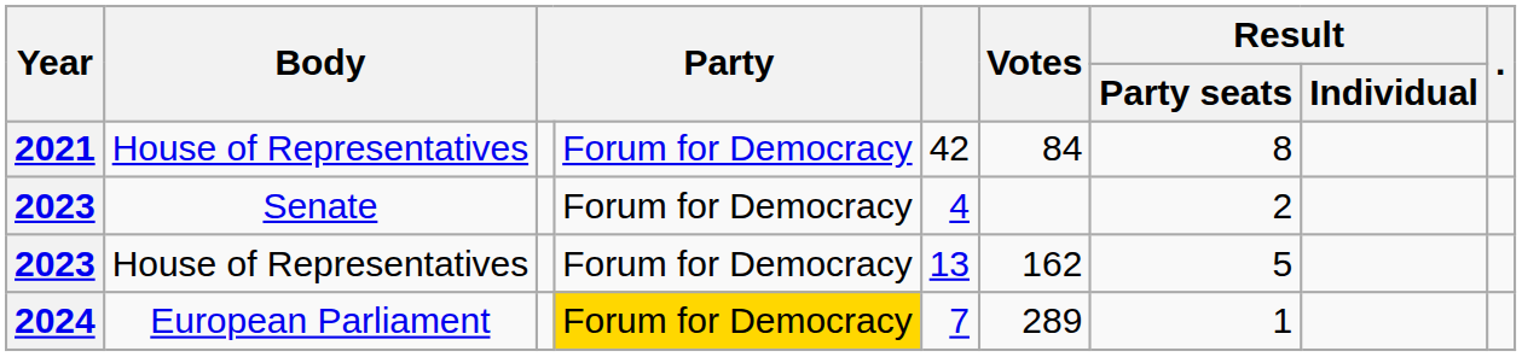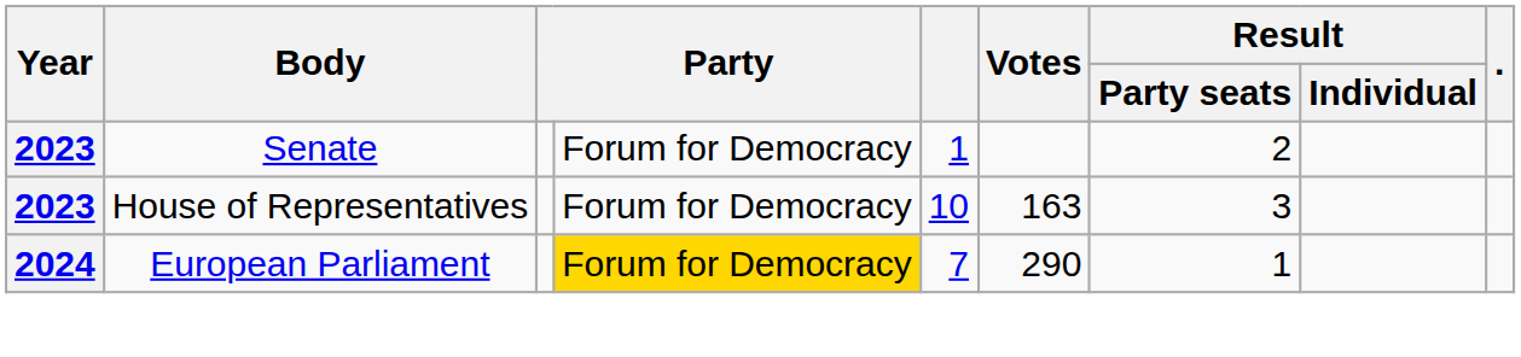 <table class="wikitable plainrowheaders sortable" border=2 cellpadding=4 cellspacing=0 style="border: 1px #aaa solid; font-size: 90%; text-align:center;">
 <tr>
 <th scope="col" rowspan=2>Year</th>
 <th scope="col" rowspan=2>Body</th>
 <th scope="col" colspan=2 rowspan=2>Party</th>
 <th scope="col" rowspan=2></th>
 <th scope="col" rowspan=2>Votes</th>
 <th scope="colgroup" colspan=2>Result</th>
 <th scope="col" rowspan=2 class="unsortable">.</th>
 </tr>
 <tr>
 <th scope="col">Party seats</th>
 <th scope="col">Individual</th>
 </tr>
 <tr>
-<th scope="row"><a href='#'>2021</a></th>
-<td><a href='#'>House of Representatives</a></td>
-<td style="background-color:"></td>
-<td><a href='#'>Forum for Democracy</a></td>
-<td style=text-align:right>42</td>
-<td style=text-align:right>84</td>
-<td style=text-align:right>8</td>
-<td></td>
-<td></td>
-</tr>
-<tr>
 <th scope="row"><a href='#'>2023</a></th>
 <td><a href='#'>Senate</a></td>
 <td style="background-color:"></td>
 <td>Forum for Democracy</td>
-<td style=text-align:right><a href='#'>4</a></td>
+<td style=text-align:right><a href='#'>1</a></td>
 <td style=text-align:right></td>
 <td style=text-align:right>2</td>
 <td></td>
 <td></td>
 </tr>
 <tr>
 <th scope="row"><a href='#'>2023</a></th>
 <td>House of Representatives</td>
 <td style="background-color:"></td>
 <td>Forum for Democracy</td>
-<td style=text-align:right><a href='#'>13</a></td>
-<td style=text-align:right>162</td>
-<td style=text-align:right>5</td>
+<td style=text-align:right><a href='#'>10</a></td>
+<td style=text-align:right>163</td>
+<td style=text-align:right>3</td>
 <td></td>
 <td></td>
 </tr>
 <tr>
 <th scope="row"><a href='#'>2024</a></th>
 <td><a href='#'>European Parliament</a></td>
 <td style="background-color:"></td>
 <td style="background: gold;">Forum for Democracy</td>
 <td style=text-align:right><a href='#'>7</a></td>
-<td style=text-align:right>289</td>
+<td style=text-align:right>290</td>
 <td style=text-align:right>1</td>
 <td></td>
 <td></td>
 </tr>
 </table>
